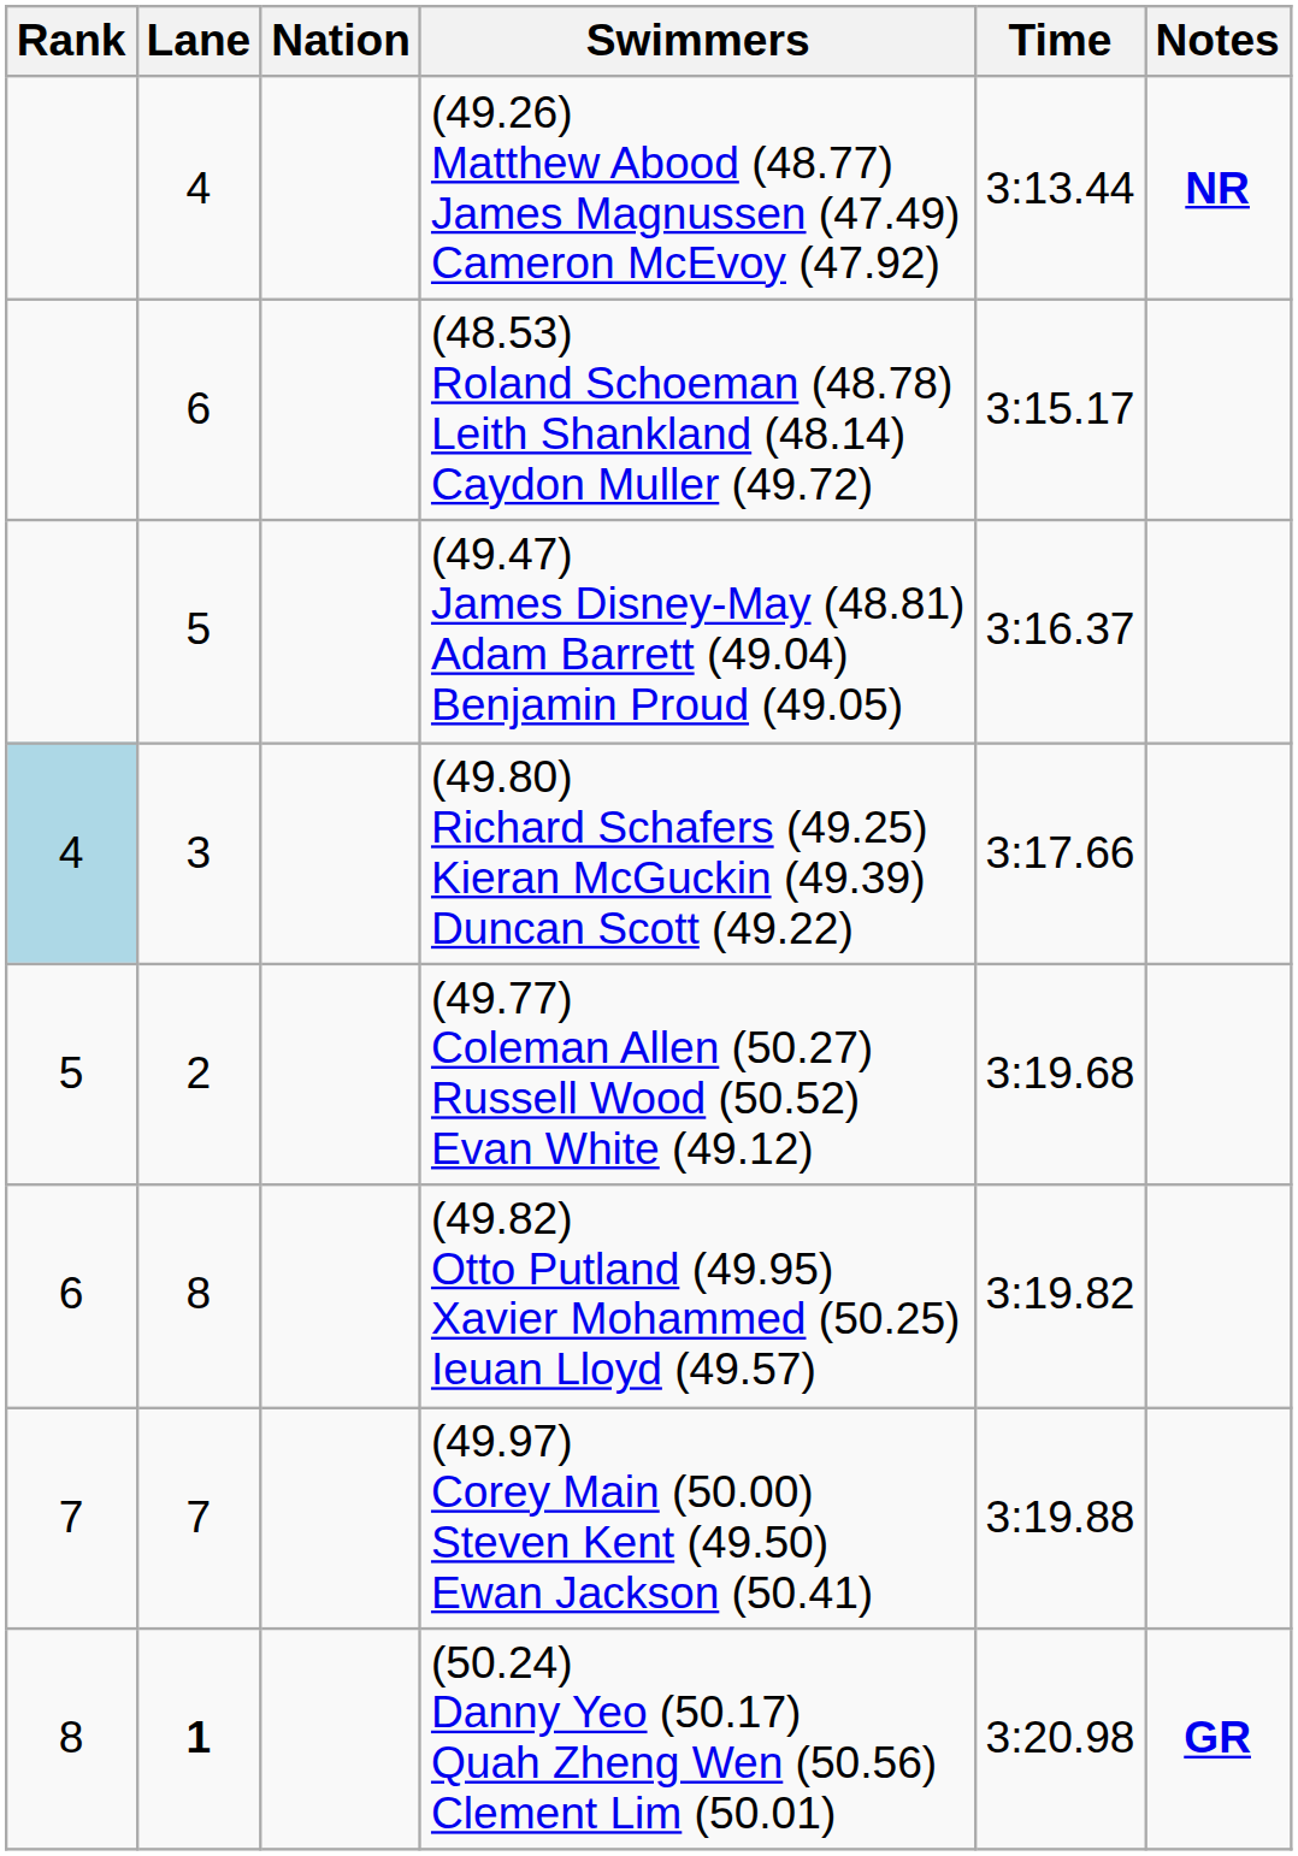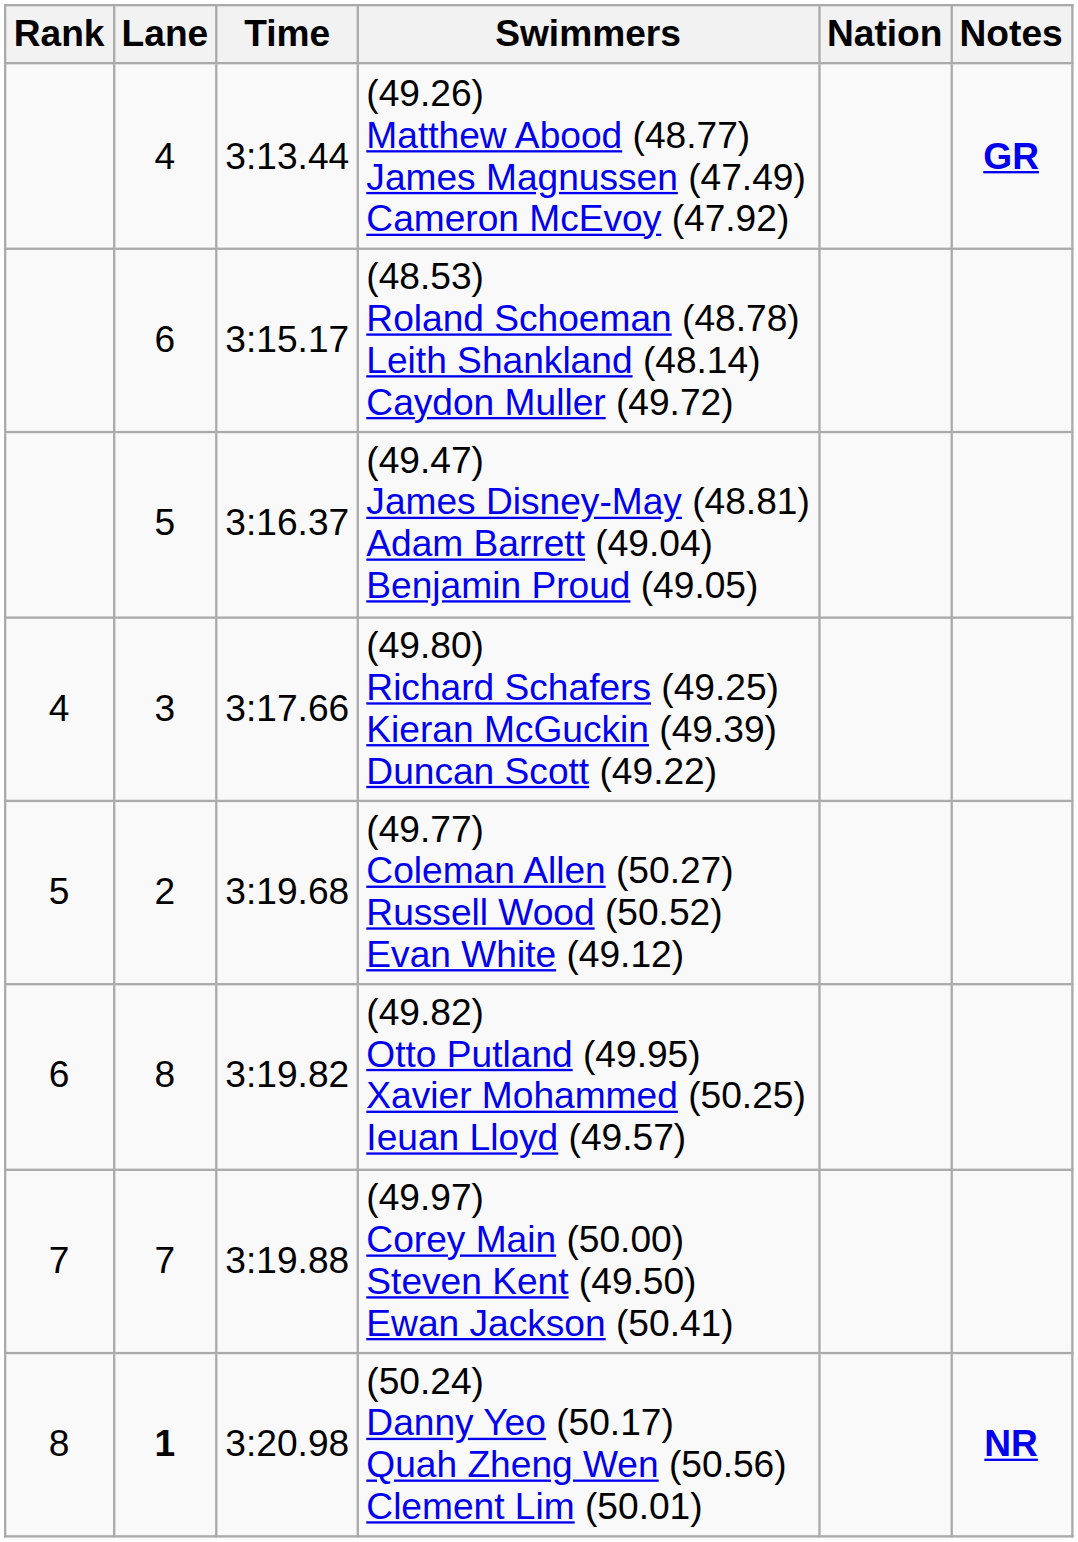 <table class="wikitable sortable" style="text-align:center">
 <tr>
 <th>Rank</th>
 <th>Lane</th>
+<th>Time</th>
+<th>Swimmers</th>
 <th>Nation</th>
-<th>Swimmers</th>
-<th>Time</th>
 <th>Notes</th>
 </tr>
 <tr>
 <td></td>
 <td>4</td>
+<td>3:13.44</td>
+<td align=left> (49.26)<br><a href='#'>Matthew Abood</a> (48.77)<br><a href='#'>James Magnussen</a> (47.49)<br><a href='#'>Cameron McEvoy</a> (47.92)</td>
 <td align=left></td>
-<td align=left> (49.26)<br><a href='#'>Matthew Abood</a> (48.77)<br><a href='#'>James Magnussen</a> (47.49)<br><a href='#'>Cameron McEvoy</a> (47.92)</td>
-<td>3:13.44</td>
-<td><strong><a href='#'>NR</a></strong></td>
+<td><strong><a href='#'>GR</a></strong></td>
 </tr>
 <tr>
 <td></td>
 <td>6</td>
+<td>3:15.17</td>
+<td align=left> (48.53)<br><a href='#'>Roland Schoeman</a> (48.78)<br><a href='#'>Leith Shankland</a> (48.14)<br><a href='#'>Caydon Muller</a> (49.72)</td>
 <td align=left></td>
-<td align=left> (48.53)<br><a href='#'>Roland Schoeman</a> (48.78)<br><a href='#'>Leith Shankland</a> (48.14)<br><a href='#'>Caydon Muller</a> (49.72)</td>
-<td>3:15.17</td>
 <td></td>
 </tr>
 <tr>
 <td></td>
 <td>5</td>
+<td>3:16.37</td>
+<td align=left> (49.47)<br><a href='#'>James Disney-May</a> (48.81)<br><a href='#'>Adam Barrett</a> (49.04)<br><a href='#'>Benjamin Proud</a> (49.05)</td>
 <td align=left></td>
-<td align=left> (49.47)<br><a href='#'>James Disney-May</a> (48.81)<br><a href='#'>Adam Barrett</a> (49.04)<br><a href='#'>Benjamin Proud</a> (49.05)</td>
-<td>3:16.37</td>
 <td></td>
 </tr>
 <tr>
-<td style="background: lightblue;">4</td>
+<td>4</td>
 <td>3</td>
+<td>3:17.66</td>
+<td align=left> (49.80)<br><a href='#'>Richard Schafers</a> (49.25)<br><a href='#'>Kieran McGuckin</a> (49.39)<br><a href='#'>Duncan Scott</a> (49.22)</td>
 <td align=left></td>
-<td align=left> (49.80)<br><a href='#'>Richard Schafers</a> (49.25)<br><a href='#'>Kieran McGuckin</a> (49.39)<br><a href='#'>Duncan Scott</a> (49.22)</td>
-<td>3:17.66</td>
 <td></td>
 </tr>
 <tr>
 <td>5</td>
 <td>2</td>
+<td>3:19.68</td>
+<td align=left> (49.77)<br><a href='#'>Coleman Allen</a> (50.27)<br><a href='#'>Russell Wood</a> (50.52)<br><a href='#'>Evan White</a> (49.12)</td>
 <td align=left></td>
-<td align=left> (49.77)<br><a href='#'>Coleman Allen</a> (50.27)<br><a href='#'>Russell Wood</a> (50.52)<br><a href='#'>Evan White</a> (49.12)</td>
-<td>3:19.68</td>
 <td></td>
 </tr>
 <tr>
 <td>6</td>
 <td>8</td>
+<td>3:19.82</td>
+<td align=left> (49.82)<br><a href='#'>Otto Putland</a> (49.95)<br><a href='#'>Xavier Mohammed</a> (50.25)<br><a href='#'>Ieuan Lloyd</a> (49.57)</td>
 <td align=left></td>
-<td align=left> (49.82)<br><a href='#'>Otto Putland</a> (49.95)<br><a href='#'>Xavier Mohammed</a> (50.25)<br><a href='#'>Ieuan Lloyd</a> (49.57)</td>
-<td>3:19.82</td>
 <td></td>
 </tr>
 <tr>
 <td>7</td>
 <td>7</td>
+<td>3:19.88</td>
+<td align=left> (49.97)<br><a href='#'>Corey Main</a> (50.00)<br><a href='#'>Steven Kent</a> (49.50)<br><a href='#'>Ewan Jackson</a> (50.41)</td>
 <td align=left></td>
-<td align=left> (49.97)<br><a href='#'>Corey Main</a> (50.00)<br><a href='#'>Steven Kent</a> (49.50)<br><a href='#'>Ewan Jackson</a> (50.41)</td>
-<td>3:19.88</td>
 <td></td>
 </tr>
 <tr>
 <td>8</td>
 <td><strong>1</strong></td>
+<td>3:20.98</td>
+<td align=left> (50.24)<br><a href='#'>Danny Yeo</a> (50.17)<br><a href='#'>Quah Zheng Wen</a> (50.56)<br><a href='#'>Clement Lim</a> (50.01)</td>
 <td align=left></td>
-<td align=left> (50.24)<br><a href='#'>Danny Yeo</a> (50.17)<br><a href='#'>Quah Zheng Wen</a> (50.56)<br><a href='#'>Clement Lim</a> (50.01)</td>
-<td>3:20.98</td>
-<td><strong><a href='#'>GR</a></strong></td>
+<td><strong><a href='#'>NR</a></strong></td>
 </tr>
 </table>
